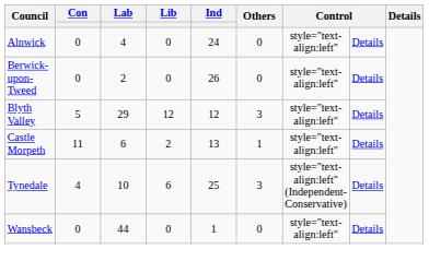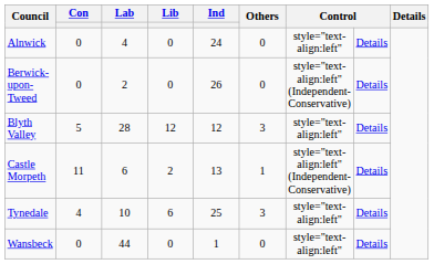 <table class="wikitable" style="text-align:center;">
 <tr>
 <th rowspan=2>Council</th>
 <th style="width:60px;"><a href='#'>Con</a></th>
 <th style="width:60px;"><a href='#'>Lab</a></th>
 <th style="width:60px;"><a href='#'>Lib</a></th>
 <th style="width:60px;"><a href='#'>Ind</a></th>
 <th style="width:60px;" rowspan=2>Others</th>
 <th rowspan=2 colspan=2>Control</th>
 <th rowspan=2>Details</th>
 </tr>
 <tr>
 <th style="background:"></th>
 <th style="background:"></th>
 <th style="background:"></th>
 <th style="background:"></th>
 </tr>
 <tr>
 <td style="text-align:left"><a href='#'>Alnwick</a></td>
 <td>0</td>
 <td>4</td>
 <td>0</td>
 <td>24</td>
 <td>0</td>
 <td>style="text-align:left" </td>
 <td style="text-align:left"><a href='#'>Details</a></td>
 </tr>
 <tr>
 <td style="text-align:left"><a href='#'>Berwick-upon-Tweed</a></td>
 <td>0</td>
 <td>2</td>
 <td>0</td>
 <td>26</td>
 <td>0</td>
-<td>style="text-align:left" </td>
+<td>style="text-align:left"  (Independent-Conservative)</td>
 <td style="text-align:left"><a href='#'>Details</a></td>
 </tr>
 <tr>
 <td style="text-align:left"><a href='#'>Blyth Valley</a></td>
 <td>5</td>
-<td>29</td>
+<td>28</td>
 <td>12</td>
 <td>12</td>
 <td>3</td>
 <td>style="text-align:left" </td>
 <td style="text-align:left"><a href='#'>Details</a></td>
 </tr>
 <tr>
 <td style="text-align:left"><a href='#'>Castle Morpeth</a></td>
 <td>11</td>
 <td>6</td>
 <td>2</td>
 <td>13</td>
 <td>1</td>
-<td>style="text-align:left" </td>
+<td>style="text-align:left"  (Independent-Conservative)</td>
 <td style="text-align:left"><a href='#'>Details</a></td>
 </tr>
 <tr>
 <td style="text-align:left"><a href='#'>Tynedale</a></td>
 <td>4</td>
 <td>10</td>
 <td>6</td>
 <td>25</td>
 <td>3</td>
-<td>style="text-align:left"  (Independent-Conservative)</td>
+<td>style="text-align:left" </td>
 <td style="text-align:left"><a href='#'>Details</a></td>
 </tr>
 <tr>
 <td style="text-align:left"><a href='#'>Wansbeck</a></td>
 <td>0</td>
 <td>44</td>
 <td>0</td>
 <td>1</td>
 <td>0</td>
 <td>style="text-align:left" </td>
 <td style="text-align:left"><a href='#'>Details</a></td>
 </tr>
 </table>
